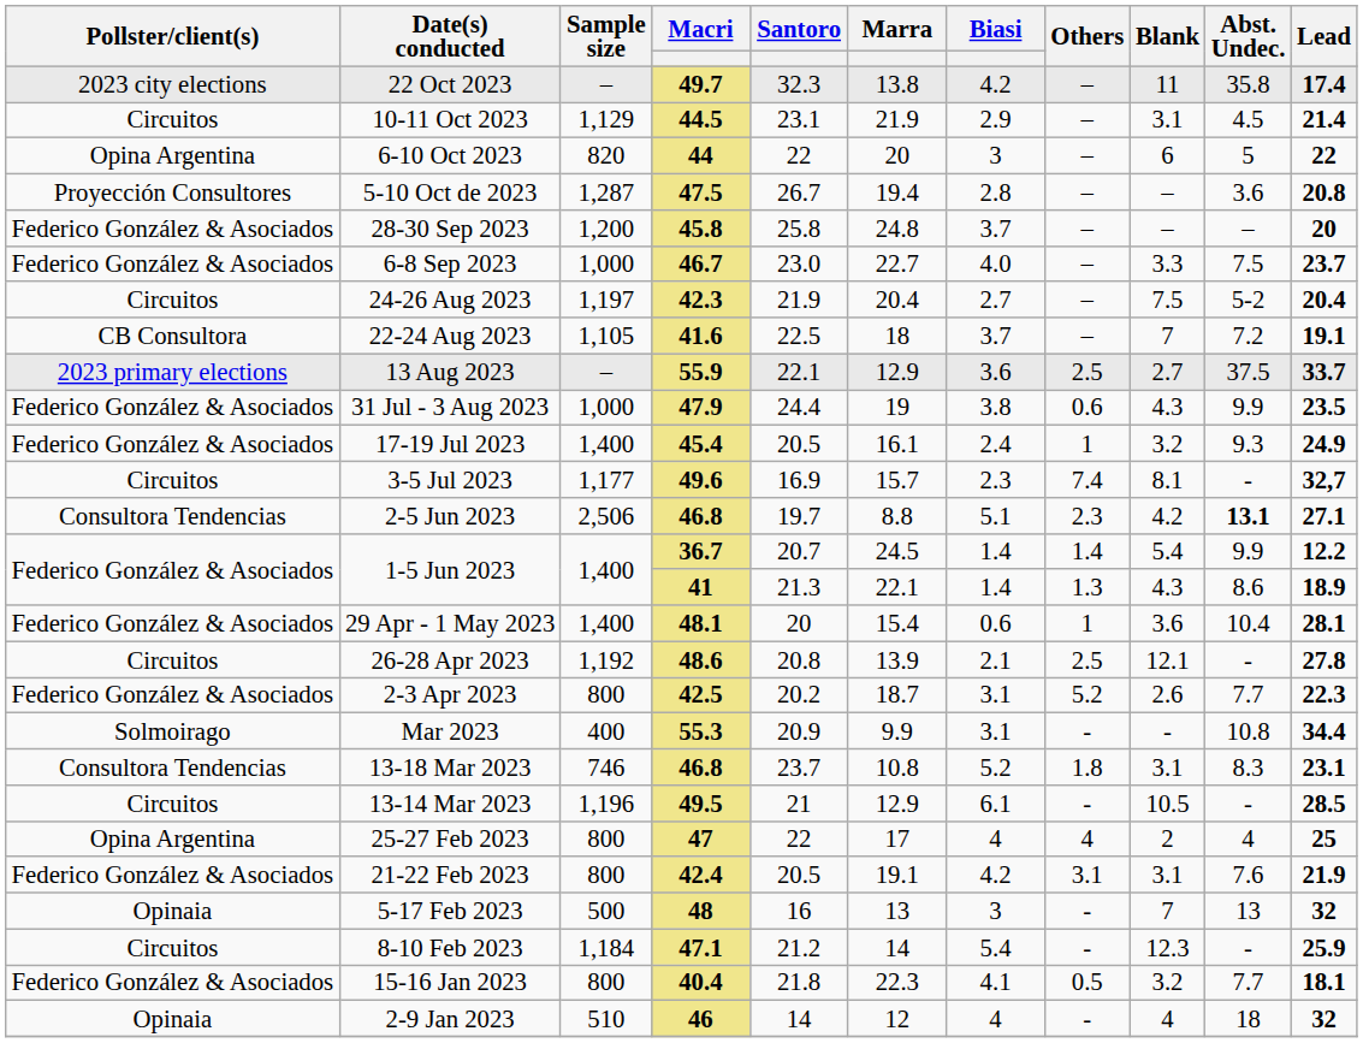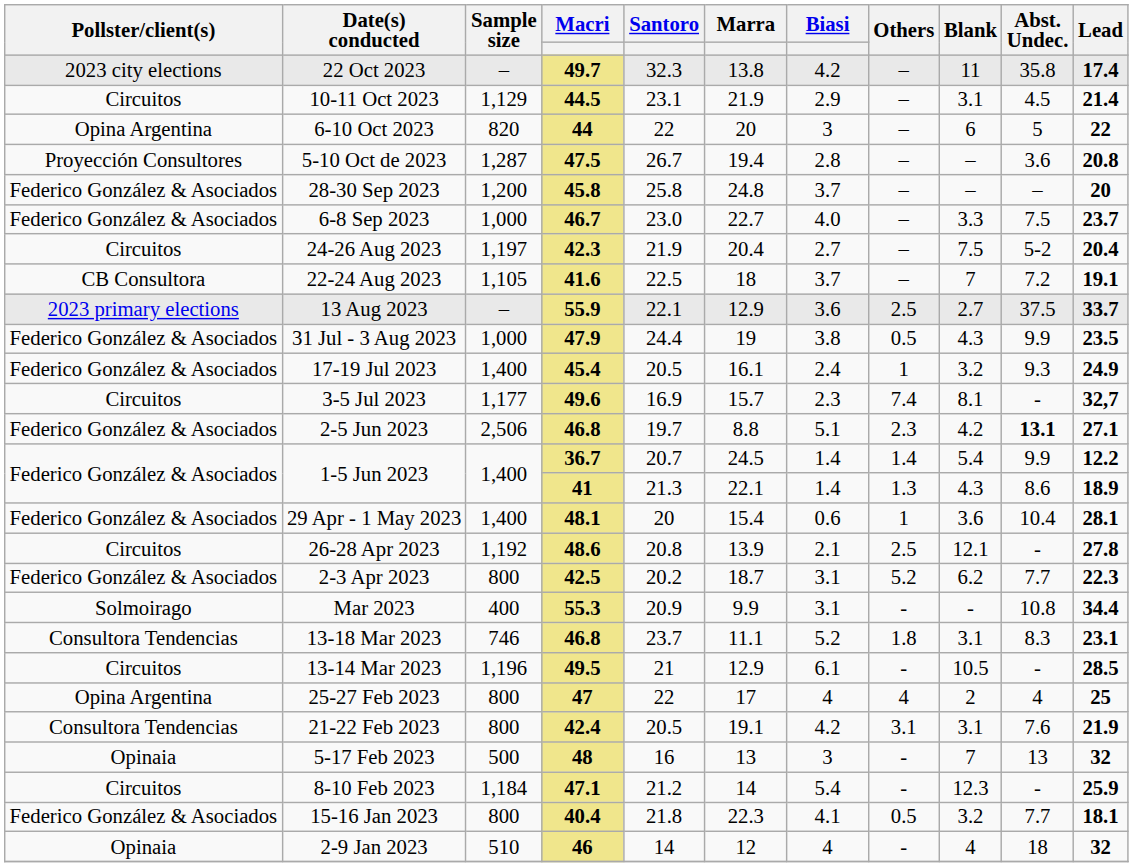 <table class="wikitable sortable" style="text-align:center;font-size:90%;line-height:14px;">
 <tr>
 <th rowspan="2" class="unsortable"><strong>Pollster/client(s)</strong></th>
 <th rowspan="2" class="unsortable"><strong>Date(s)<br>conducted</strong></th>
 <th rowspan="2" class="unsortable"><strong>Sample<br>size</strong></th>
 <th class="unsortable" style="width:50px;"><a href='#'>Macri</a><br></th>
 <th class="unsortable" style="width:50px;"><a href='#'>Santoro</a><br></th>
 <th class="unsortable" style="width:50px;">Marra<br></th>
 <th class="unsortable" style="width:50px;"><a href='#'>Biasi</a><br></th>
 <th rowspan="2" class="unsortable">Others</th>
 <th rowspan="2">Blank</th>
 <th rowspan="2">Abst.<br>Undec.</th>
 <th rowspan="2">Lead</th>
 </tr>
 <tr>
 <th data-sort-type="number" class="sortable" style="background:"></th>
 <th data-sort-type="number" class="sortable" style="background:"></th>
 <th data-sort-type="number" class="sortable" style="background:"></th>
 <th data-sort-type="number" class="sortable" style="background:"></th>
 </tr>
 <tr style="background:#E9E9E9;">
 <td>2023 city elections</td>
 <td>22 Oct 2023</td>
 <td>–</td>
 <td bgcolor="khaki"><strong>49.7</strong></td>
 <td>32.3</td>
 <td>13.8</td>
 <td>4.2</td>
 <td>–</td>
 <td>11</td>
 <td>35.8</td>
 <td style="background:"><strong>17.4</strong></td>
 </tr>
 <tr>
 <td>Circuitos</td>
 <td>10-11 Oct 2023</td>
 <td>1,129</td>
 <td bgcolor="khaki"><strong>44.5</strong></td>
 <td>23.1</td>
 <td>21.9</td>
 <td>2.9</td>
 <td>–</td>
 <td>3.1</td>
 <td>4.5</td>
 <td><strong>21.4</strong></td>
 </tr>
 <tr>
 <td>Opina Argentina</td>
 <td>6-10 Oct 2023</td>
 <td>820</td>
 <td bgcolor="khaki"><strong>44</strong></td>
 <td>22</td>
 <td>20</td>
 <td>3</td>
 <td>–</td>
 <td>6</td>
 <td>5</td>
 <td><strong>22</strong></td>
 </tr>
 <tr>
 <td>Proyección Consultores</td>
 <td>5-10 Oct de 2023</td>
 <td>1,287</td>
 <td bgcolor="khaki"><strong>47.5</strong></td>
 <td>26.7</td>
 <td>19.4</td>
 <td>2.8</td>
 <td>–</td>
 <td>–</td>
 <td>3.6</td>
 <td><strong>20.8</strong></td>
 </tr>
 <tr>
 <td>Federico González & Asociados</td>
 <td>28-30 Sep 2023</td>
 <td>1,200</td>
 <td bgcolor="khaki"><strong>45.8</strong></td>
 <td>25.8</td>
 <td>24.8</td>
 <td>3.7</td>
 <td>–</td>
 <td>–</td>
 <td>–</td>
 <td><strong>20</strong></td>
 </tr>
 <tr>
 <td>Federico González & Asociados</td>
 <td>6-8 Sep 2023</td>
 <td>1,000</td>
 <td bgcolor="khaki"><strong>46.7</strong></td>
 <td>23.0</td>
 <td>22.7</td>
 <td>4.0</td>
 <td>–</td>
 <td>3.3</td>
 <td>7.5</td>
 <td><strong>23.7</strong></td>
 </tr>
 <tr>
 <td>Circuitos</td>
 <td>24-26 Aug 2023</td>
 <td>1,197</td>
 <td bgcolor="khaki"><strong>42.3</strong></td>
 <td>21.9</td>
 <td>20.4</td>
 <td>2.7</td>
 <td>–</td>
 <td>7.5</td>
 <td>5-2</td>
 <td><strong>20.4</strong></td>
 </tr>
 <tr>
 <td>CB Consultora</td>
 <td>22-24 Aug 2023</td>
 <td>1,105</td>
 <td bgcolor="khaki"><strong>41.6</strong></td>
 <td>22.5</td>
 <td>18</td>
 <td>3.7</td>
 <td>–</td>
 <td>7</td>
 <td>7.2</td>
 <td><strong>19.1</strong></td>
 </tr>
 <tr style="background:#E9E9E9;">
 <td><a href='#'>2023 primary elections</a></td>
 <td>13 Aug 2023</td>
 <td>–</td>
 <td bgcolor="khaki"><strong>55.9</strong></td>
 <td>22.1</td>
 <td>12.9</td>
 <td>3.6</td>
 <td>2.5</td>
 <td>2.7</td>
 <td>37.5</td>
 <td style="background:"><strong>33.7</strong></td>
 </tr>
 <tr>
 <td>Federico González & Asociados</td>
 <td>31 Jul - 3 Aug 2023</td>
 <td>1,000</td>
 <td bgcolor="khaki"><strong>47.9</strong></td>
 <td>24.4</td>
 <td>19</td>
 <td>3.8</td>
-<td>0.6</td>
+<td>0.5</td>
 <td>4.3</td>
 <td>9.9</td>
 <td><strong>23.5</strong></td>
 </tr>
 <tr>
 <td>Federico González & Asociados</td>
 <td>17-19 Jul 2023</td>
 <td>1,400</td>
 <td bgcolor=khaki><strong>45.4</strong></td>
 <td>20.5</td>
 <td>16.1</td>
 <td>2.4</td>
 <td>1</td>
 <td>3.2</td>
 <td>9.3</td>
 <td bgcolor=><strong>24.9</strong></td>
 </tr>
 <tr>
 <td>Circuitos</td>
 <td>3-5 Jul 2023</td>
 <td>1,177</td>
 <td bgcolor=khaki><strong>49.6</strong></td>
 <td>16.9</td>
 <td>15.7</td>
 <td>2.3</td>
 <td>7.4</td>
 <td>8.1</td>
 <td>-</td>
 <td style="background:"><strong>32,7</strong></td>
 </tr>
 <tr>
-<td>Consultora Tendencias</td>
+<td>Federico González & Asociados</td>
 <td>2-5 Jun 2023</td>
 <td>2,506</td>
 <td bgcolor=khaki><strong>46.8</strong></td>
 <td>19.7</td>
 <td>8.8</td>
 <td>5.1</td>
 <td>2.3</td>
 <td>4.2</td>
 <td><strong>13.1</strong></td>
 <td style="background:"><strong>27.1</strong></td>
 </tr>
 <tr>
 <td rowspan=2>Federico González & Asociados</td>
 <td rowspan=2>1-5 Jun 2023</td>
 <td rowspan=2>1,400</td>
 <td bgcolor=khaki><strong>36.7</strong></td>
 <td>20.7</td>
 <td>24.5</td>
 <td>1.4</td>
 <td>1.4</td>
 <td>5.4</td>
 <td>9.9</td>
 <td style="background:"><strong>12.2</strong></td>
 </tr>
 <tr>
 <td bgcolor=khaki><strong>41</strong></td>
 <td>21.3</td>
 <td>22.1</td>
 <td>1.4</td>
 <td>1.3</td>
 <td>4.3</td>
 <td>8.6</td>
 <td style="background:"><strong>18.9</strong></td>
 </tr>
 <tr>
 <td>Federico González & Asociados</td>
 <td>29 Apr - 1 May 2023</td>
 <td>1,400</td>
 <td bgcolor=khaki><strong>48.1</strong></td>
 <td>20</td>
 <td>15.4</td>
 <td>0.6</td>
 <td>1</td>
 <td>3.6</td>
 <td>10.4</td>
 <td style="background:"><strong>28.1</strong></td>
 </tr>
 <tr>
 <td>Circuitos</td>
 <td>26-28 Apr 2023</td>
 <td>1,192</td>
 <td bgcolor=khaki><strong>48.6</strong></td>
 <td>20.8</td>
 <td>13.9</td>
 <td>2.1</td>
 <td>2.5</td>
 <td>12.1</td>
 <td>-</td>
 <td style="background:"><strong>27.8</strong></td>
 </tr>
 <tr>
 <td>Federico González & Asociados</td>
 <td>2-3 Apr 2023</td>
 <td>800</td>
 <td bgcolor=khaki><strong>42.5</strong></td>
 <td>20.2</td>
 <td>18.7</td>
 <td>3.1</td>
 <td>5.2</td>
-<td>2.6</td>
+<td>6.2</td>
 <td>7.7</td>
 <td style="background:"><strong>22.3</strong></td>
 </tr>
 <tr>
 <td>Solmoirago</td>
 <td>Mar 2023</td>
 <td>400</td>
 <td bgcolor=khaki><strong>55.3</strong></td>
 <td>20.9</td>
 <td>9.9</td>
 <td>3.1</td>
 <td>-</td>
 <td>-</td>
 <td>10.8</td>
 <td style="background:"><strong>34.4</strong></td>
 </tr>
 <tr>
 <td>Consultora Tendencias</td>
 <td>13-18 Mar 2023</td>
 <td>746</td>
 <td bgcolor=khaki><strong>46.8</strong></td>
 <td>23.7</td>
-<td>10.8</td>
+<td>11.1</td>
 <td>5.2</td>
 <td>1.8</td>
 <td>3.1</td>
 <td>8.3</td>
 <td style="background:"><strong>23.1</strong></td>
 </tr>
 <tr>
 <td>Circuitos</td>
 <td>13-14 Mar 2023</td>
 <td>1,196</td>
 <td bgcolor=khaki><strong>49.5</strong></td>
 <td>21</td>
 <td>12.9</td>
 <td>6.1</td>
 <td>-</td>
 <td>10.5</td>
 <td>-</td>
 <td style="background:"><strong>28.5</strong></td>
 </tr>
 <tr>
 <td>Opina Argentina</td>
 <td>25-27 Feb 2023</td>
 <td>800</td>
 <td bgcolor=khaki><strong>47</strong></td>
 <td>22</td>
 <td>17</td>
 <td>4</td>
 <td>4</td>
 <td>2</td>
 <td>4</td>
 <td style="background:"><strong>25</strong></td>
 </tr>
 <tr>
-<td>Federico González & Asociados</td>
+<td>Consultora Tendencias</td>
 <td>21-22 Feb 2023</td>
 <td>800</td>
 <td bgcolor=khaki><strong>42.4</strong></td>
 <td>20.5</td>
 <td>19.1</td>
 <td>4.2</td>
 <td>3.1</td>
 <td>3.1</td>
 <td>7.6</td>
 <td style="background:"><strong>21.9</strong></td>
 </tr>
 <tr>
 <td>Opinaia</td>
 <td>5-17 Feb 2023</td>
 <td>500</td>
 <td bgcolor=khaki><strong>48</strong></td>
 <td>16</td>
 <td>13</td>
 <td>3</td>
 <td>-</td>
 <td>7</td>
 <td>13</td>
 <td style="background:"><strong>32</strong></td>
 </tr>
 <tr>
 <td>Circuitos</td>
 <td>8-10 Feb 2023</td>
 <td>1,184</td>
 <td bgcolor=khaki><strong>47.1</strong></td>
 <td>21.2</td>
 <td>14</td>
 <td>5.4</td>
 <td>-</td>
 <td>12.3</td>
 <td>-</td>
 <td style="background:"><strong>25.9</strong></td>
 </tr>
 <tr>
 <td>Federico González & Asociados</td>
 <td>15-16 Jan 2023</td>
 <td>800</td>
 <td bgcolor=khaki><strong>40.4</strong></td>
 <td>21.8</td>
 <td>22.3</td>
 <td>4.1</td>
 <td>0.5</td>
 <td>3.2</td>
 <td>7.7</td>
 <td style="background:"><strong>18.1</strong></td>
 </tr>
 <tr>
 <td>Opinaia</td>
 <td>2-9 Jan 2023</td>
 <td>510</td>
 <td bgcolor=khaki><strong>46</strong></td>
 <td>14</td>
 <td>12</td>
 <td>4</td>
 <td>-</td>
 <td>4</td>
 <td>18</td>
 <td style="background:"><strong>32</strong></td>
 </tr>
 <tr>
 </tr>
 </table>
